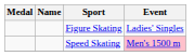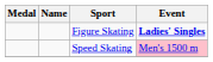 <table class="wikitable sortable" style="font-size:90%">
 <tr>
 <th>Medal</th>
 <th>Name</th>
 <th>Sport</th>
 <th>Event</th>
 </tr>
 <tr>
 <td></td>
 <td></td>
 <td><a href='#'>Figure Skating</a></td>
-<td><a href='#'>Ladies' Singles</a></td>
+<td><strong><a href='#'>Ladies' Singles</a></strong></td>
 </tr>
 <tr>
 <td></td>
 <td></td>
 <td><a href='#'>Speed Skating</a></td>
 <td style="background: pink;"><a href='#'>Men's 1500 m</a></td>
 </tr>
 <tr>
 </tr>
 </table>
